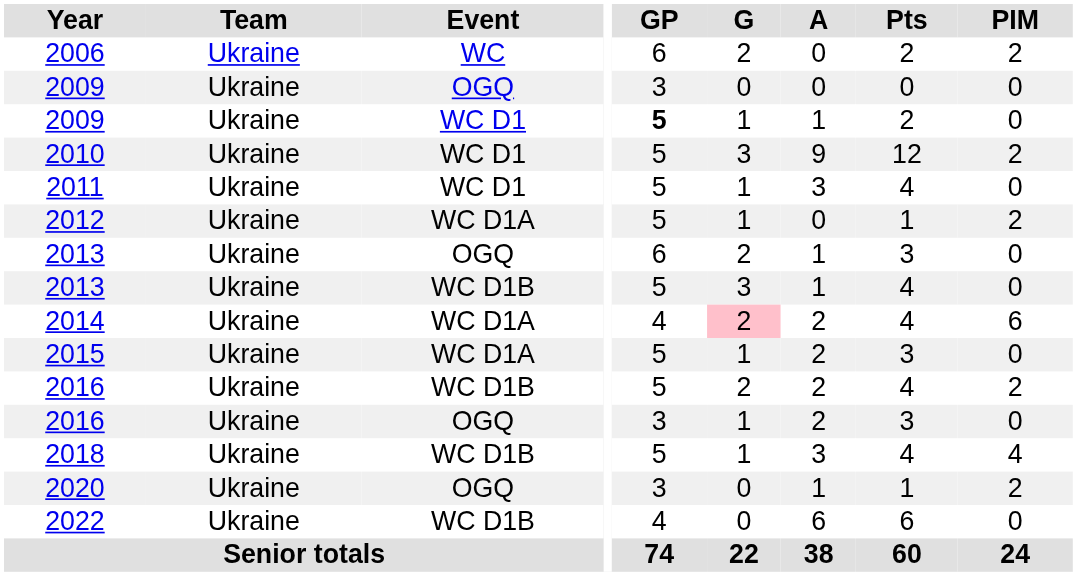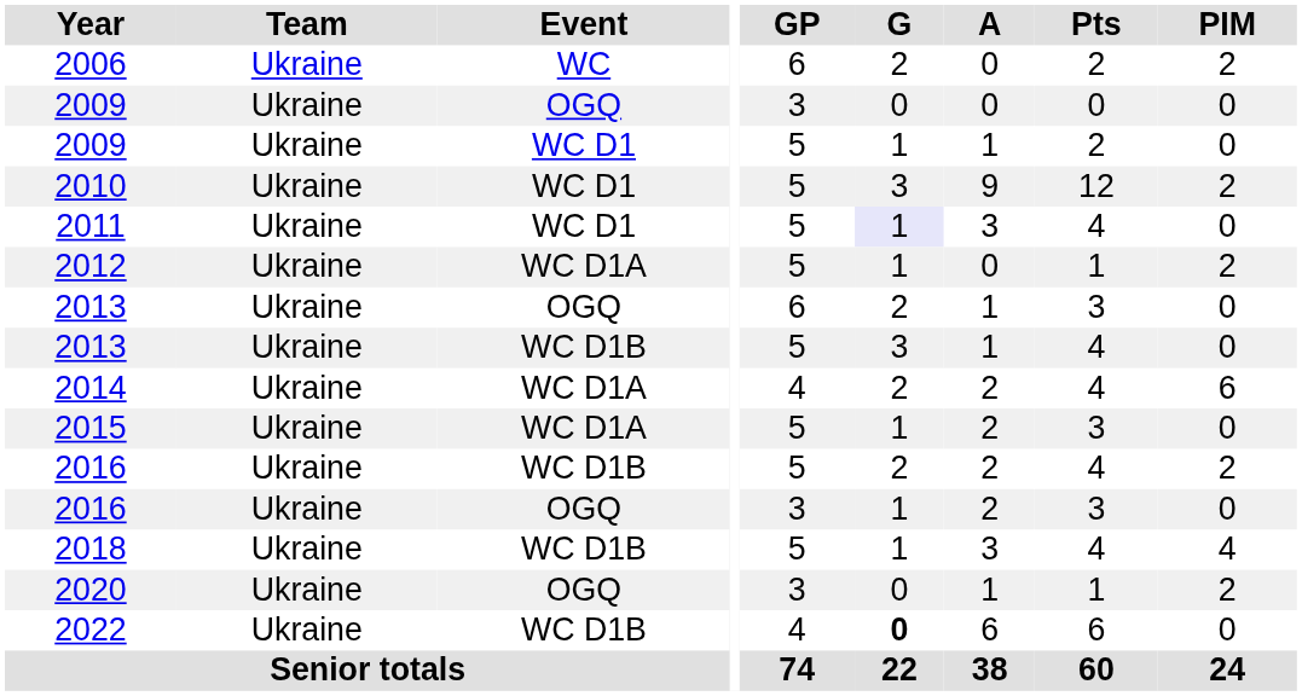 <table border="0" cellpadding="1" cellspacing="0" ID="Table3" style="text-align:center; width:40em">
 <tr ALIGN="center" bgcolor="#e0e0e0">
 <th>Year</th>
 <th>Team</th>
 <th>Event</th>
 <th rowspan="99" bgcolor="#ffffff"></th>
 <th>GP</th>
 <th>G</th>
 <th>A</th>
 <th>Pts</th>
 <th>PIM</th>
 </tr>
 <tr>
 <td><a href='#'>2006</a></td>
 <td><a href='#'>Ukraine</a></td>
 <td><a href='#'>WC</a></td>
 <td>6</td>
 <td>2</td>
 <td>0</td>
 <td>2</td>
 <td>2</td>
 </tr>
 <tr bgcolor="#f0f0f0">
 <td><a href='#'>2009</a></td>
 <td>Ukraine</td>
 <td><a href='#'>OGQ</a></td>
 <td>3</td>
 <td>0</td>
 <td>0</td>
 <td>0</td>
 <td>0</td>
 </tr>
 <tr>
 <td><a href='#'>2009</a></td>
 <td>Ukraine</td>
 <td><a href='#'>WC D1</a></td>
-<td><strong>5</strong></td>
+<td>5</td>
 <td>1</td>
 <td>1</td>
 <td>2</td>
 <td>0</td>
 </tr>
 <tr bgcolor="#f0f0f0">
 <td><a href='#'>2010</a></td>
 <td>Ukraine</td>
 <td>WC D1</td>
 <td>5</td>
 <td>3</td>
 <td>9</td>
 <td>12</td>
 <td>2</td>
 </tr>
 <tr>
 <td><a href='#'>2011</a></td>
 <td>Ukraine</td>
 <td>WC D1</td>
 <td>5</td>
-<td>1</td>
+<td style="background: lavender;">1</td>
 <td>3</td>
 <td>4</td>
 <td>0</td>
 </tr>
 <tr bgcolor="#f0f0f0">
 <td><a href='#'>2012</a></td>
 <td>Ukraine</td>
 <td>WC D1A</td>
 <td>5</td>
 <td>1</td>
 <td>0</td>
 <td>1</td>
 <td>2</td>
 </tr>
 <tr>
 <td><a href='#'>2013</a></td>
 <td>Ukraine</td>
 <td>OGQ</td>
 <td>6</td>
 <td>2</td>
 <td>1</td>
 <td>3</td>
 <td>0</td>
 </tr>
 <tr bgcolor="#f0f0f0">
 <td><a href='#'>2013</a></td>
 <td>Ukraine</td>
 <td>WC D1B</td>
 <td>5</td>
 <td>3</td>
 <td>1</td>
 <td>4</td>
 <td>0</td>
 </tr>
 <tr>
 <td><a href='#'>2014</a></td>
 <td>Ukraine</td>
 <td>WC D1A</td>
 <td>4</td>
-<td style="background: pink;">2</td>
+<td>2</td>
 <td>2</td>
 <td>4</td>
 <td>6</td>
 </tr>
 <tr bgcolor="#f0f0f0">
 <td><a href='#'>2015</a></td>
 <td>Ukraine</td>
 <td>WC D1A</td>
 <td>5</td>
 <td>1</td>
 <td>2</td>
 <td>3</td>
 <td>0</td>
 </tr>
 <tr>
 <td><a href='#'>2016</a></td>
 <td>Ukraine</td>
 <td>WC D1B</td>
 <td>5</td>
 <td>2</td>
 <td>2</td>
 <td>4</td>
 <td>2</td>
 </tr>
 <tr bgcolor="#f0f0f0">
 <td><a href='#'>2016</a></td>
 <td>Ukraine</td>
 <td>OGQ</td>
 <td>3</td>
 <td>1</td>
 <td>2</td>
 <td>3</td>
 <td>0</td>
 </tr>
 <tr>
 <td><a href='#'>2018</a></td>
 <td>Ukraine</td>
 <td>WC D1B</td>
 <td>5</td>
 <td>1</td>
 <td>3</td>
 <td>4</td>
 <td>4</td>
 </tr>
 <tr bgcolor="#f0f0f0">
 <td><a href='#'>2020</a></td>
 <td>Ukraine</td>
 <td>OGQ</td>
 <td>3</td>
 <td>0</td>
 <td>1</td>
 <td>1</td>
 <td>2</td>
 </tr>
 <tr>
 <td><a href='#'>2022</a></td>
 <td>Ukraine</td>
 <td>WC D1B</td>
 <td>4</td>
-<td>0</td>
+<td><strong>0</strong></td>
 <td>6</td>
 <td>6</td>
 <td>0</td>
 </tr>
 <tr bgcolor="#e0e0e0">
 <th colspan="3">Senior totals</th>
 <th>74</th>
 <th>22</th>
 <th>38</th>
 <th>60</th>
 <th>24</th>
 </tr>
 </table>
